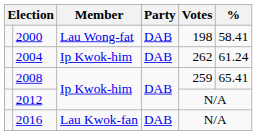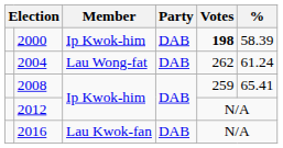 <table class="wikitable">
 <tr>
 <th colspan="2">Election</th>
 <th>Member</th>
 <th>Party</th>
 <th>Votes</th>
 <th>%</th>
 </tr>
 <tr>
 <td style="background-color: "></td>
 <td><a href='#'>2000</a></td>
-<td><a href='#'>Lau Wong-fat</a></td>
+<td><a href='#'>Ip Kwok-him</a></td>
 <td><a href='#'>DAB</a></td>
-<td align=right>198</td>
-<td align=right>58.41</td>
+<td align=right><strong>198</strong></td>
+<td align=right>58.39</td>
 </tr>
 <tr>
 <td style="background-color: "></td>
 <td><a href='#'>2004</a></td>
-<td><a href='#'>Ip Kwok-him</a></td>
+<td><a href='#'>Lau Wong-fat</a></td>
 <td><a href='#'>DAB</a></td>
 <td align=right>262</td>
 <td align=right>61.24</td>
 </tr>
 <tr>
 <td style="background-color: "></td>
 <td><a href='#'>2008</a></td>
 <td rowspan=2><a href='#'>Ip Kwok-him</a></td>
 <td rowspan=2><a href='#'>DAB</a></td>
 <td align=right>259</td>
 <td align=right>65.41</td>
 </tr>
 <tr>
 <td style="background-color: "></td>
 <td><a href='#'>2012</a></td>
 <td align=center colspan=2>N/A</td>
 </tr>
 <tr>
 <td style="background-color: "></td>
 <td><a href='#'>2016</a></td>
 <td><a href='#'>Lau Kwok-fan</a></td>
 <td><a href='#'>DAB</a></td>
 <td align=center colspan=2>N/A</td>
 </tr>
 </table>
